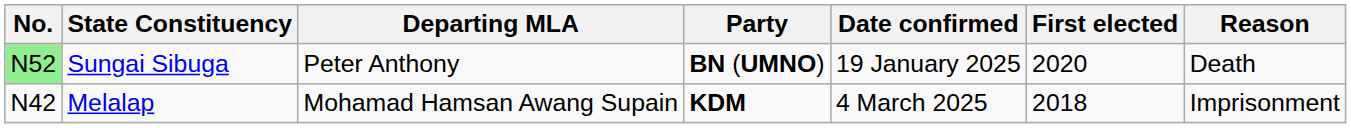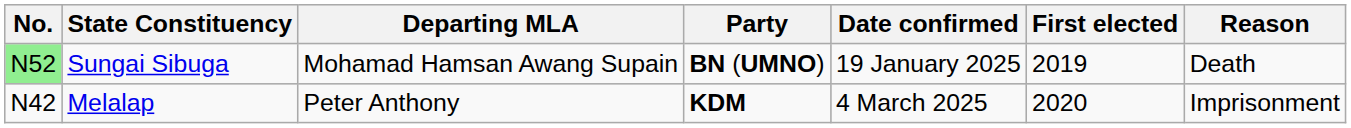 <table class="wikitable">
 <tr>
 <th>No.</th>
 <th>State Constituency</th>
 <th>Departing MLA</th>
 <th>Party</th>
 <th>Date confirmed</th>
 <th>First elected</th>
 <th>Reason</th>
 </tr>
 <tr>
 <td style="background: lightgreen;">N52</td>
 <td><a href='#'>Sungai Sibuga</a></td>
-<td>Peter Anthony</td>
+<td>Mohamad Hamsan Awang Supain</td>
 <td><strong>BN</strong> (<strong>UMNO</strong>)</td>
 <td>19 January 2025</td>
-<td>2020</td>
+<td>2019</td>
 <td>Death</td>
 </tr>
 <tr>
 <td>N42</td>
 <td><a href='#'>Melalap</a></td>
-<td>Mohamad Hamsan Awang Supain</td>
+<td>Peter Anthony</td>
 <td><strong>KDM</strong></td>
 <td>4 March 2025</td>
-<td>2018</td>
+<td>2020</td>
 <td>Imprisonment</td>
 </tr>
 </table>
